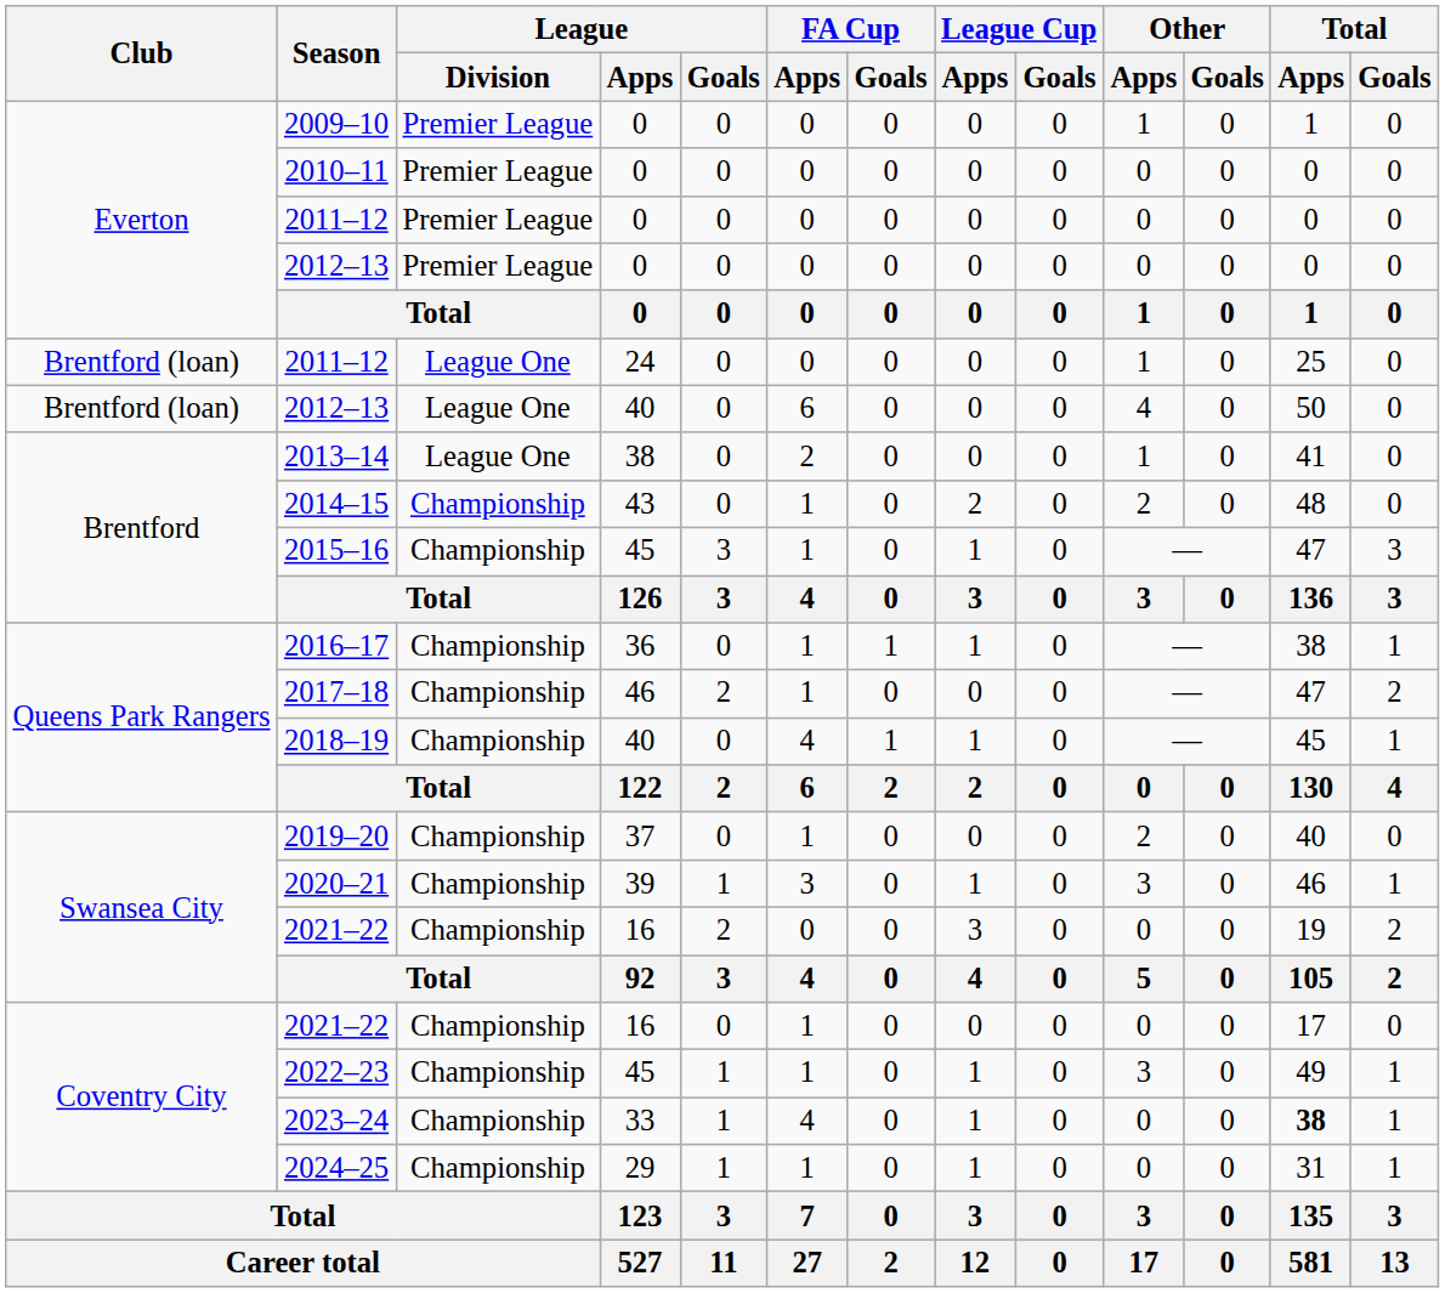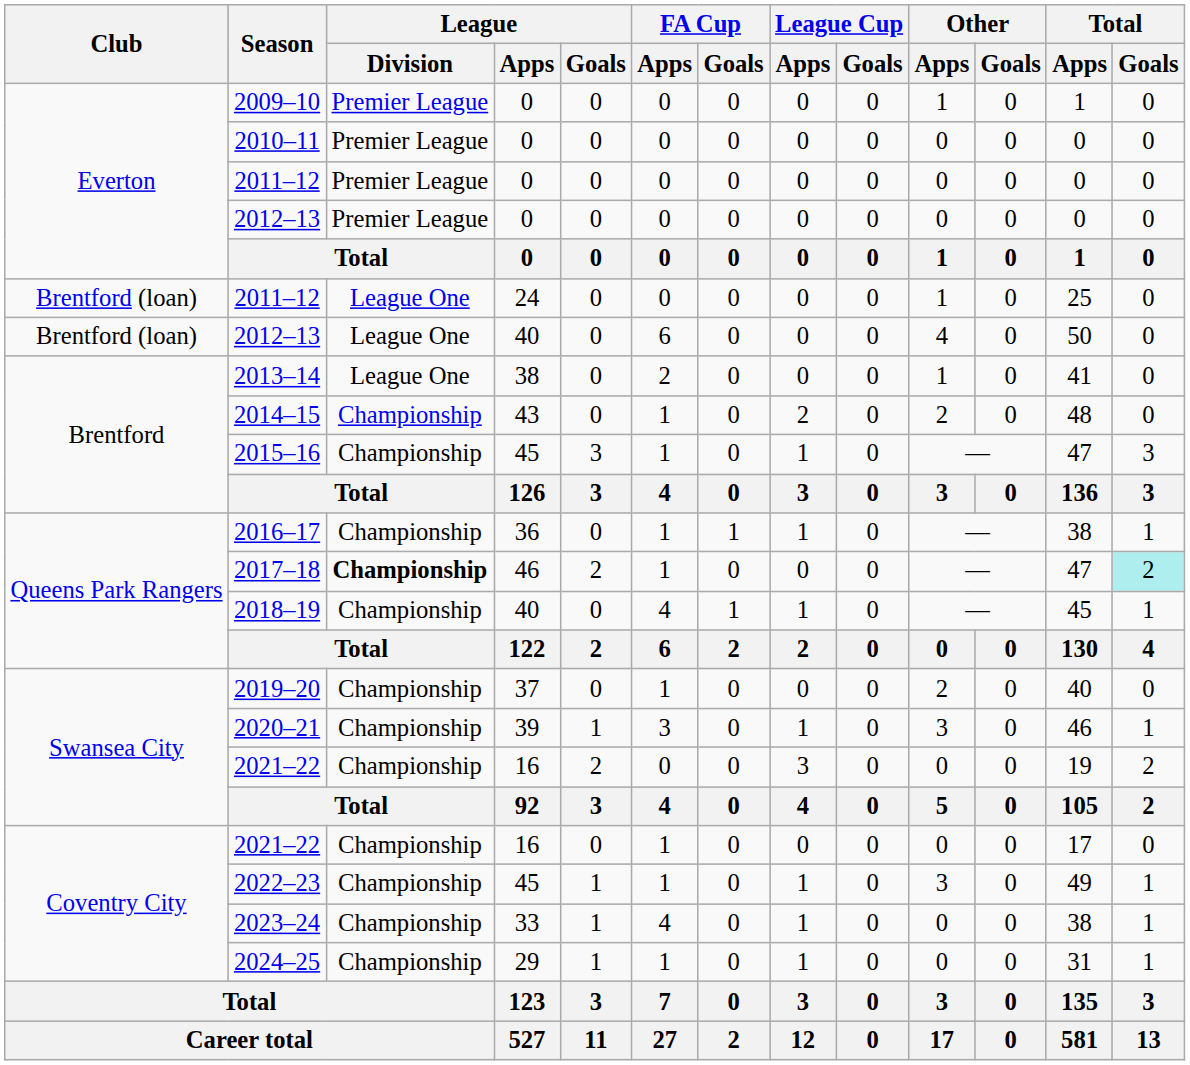 <table class="wikitable" style="text-align:center">
 <tr>
 <th rowspan="2">Club</th>
 <th rowspan="2">Season</th>
 <th colspan="3">League</th>
 <th colspan="2"><a href='#'>FA Cup</a></th>
 <th colspan="2"><a href='#'>League Cup</a></th>
 <th colspan="2">Other</th>
 <th colspan="2">Total</th>
 </tr>
 <tr>
 <th>Division</th>
 <th>Apps</th>
 <th>Goals</th>
 <th>Apps</th>
 <th>Goals</th>
 <th>Apps</th>
 <th>Goals</th>
 <th>Apps</th>
 <th>Goals</th>
 <th>Apps</th>
 <th>Goals</th>
 </tr>
 <tr>
 <td rowspan="5"><a href='#'>Everton</a></td>
 <td><a href='#'>2009–10</a></td>
 <td><a href='#'>Premier League</a></td>
 <td>0</td>
 <td>0</td>
 <td>0</td>
 <td>0</td>
 <td>0</td>
 <td>0</td>
 <td>1</td>
 <td>0</td>
 <td>1</td>
 <td>0</td>
 </tr>
 <tr>
 <td><a href='#'>2010–11</a></td>
 <td>Premier League</td>
 <td>0</td>
 <td>0</td>
 <td>0</td>
 <td>0</td>
 <td>0</td>
 <td>0</td>
 <td>0</td>
 <td>0</td>
 <td>0</td>
 <td>0</td>
 </tr>
 <tr>
 <td><a href='#'>2011–12</a></td>
 <td>Premier League</td>
 <td>0</td>
 <td>0</td>
 <td>0</td>
 <td>0</td>
 <td>0</td>
 <td>0</td>
 <td>0</td>
 <td>0</td>
 <td>0</td>
 <td>0</td>
 </tr>
 <tr>
 <td><a href='#'>2012–13</a></td>
 <td>Premier League</td>
 <td>0</td>
 <td>0</td>
 <td>0</td>
 <td>0</td>
 <td>0</td>
 <td>0</td>
 <td>0</td>
 <td>0</td>
 <td>0</td>
 <td>0</td>
 </tr>
 <tr>
 <th colspan=2>Total</th>
 <th>0</th>
 <th>0</th>
 <th>0</th>
 <th>0</th>
 <th>0</th>
 <th>0</th>
 <th>1</th>
 <th>0</th>
 <th>1</th>
 <th>0</th>
 </tr>
 <tr>
 <td><a href='#'>Brentford</a> (loan)</td>
 <td><a href='#'>2011–12</a></td>
 <td><a href='#'>League One</a></td>
 <td>24</td>
 <td>0</td>
 <td>0</td>
 <td>0</td>
 <td>0</td>
 <td>0</td>
 <td>1</td>
 <td>0</td>
 <td>25</td>
 <td>0</td>
 </tr>
 <tr>
 <td>Brentford (loan)</td>
 <td><a href='#'>2012–13</a></td>
 <td>League One</td>
 <td>40</td>
 <td>0</td>
 <td>6</td>
 <td>0</td>
 <td>0</td>
 <td>0</td>
 <td>4</td>
 <td>0</td>
 <td>50</td>
 <td>0</td>
 </tr>
 <tr>
 <td rowspan="4">Brentford</td>
 <td><a href='#'>2013–14</a></td>
 <td>League One</td>
 <td>38</td>
 <td>0</td>
 <td>2</td>
 <td>0</td>
 <td>0</td>
 <td>0</td>
 <td>1</td>
 <td>0</td>
 <td>41</td>
 <td>0</td>
 </tr>
 <tr>
 <td><a href='#'>2014–15</a></td>
 <td><a href='#'>Championship</a></td>
 <td>43</td>
 <td>0</td>
 <td>1</td>
 <td>0</td>
 <td>2</td>
 <td>0</td>
 <td>2</td>
 <td>0</td>
 <td>48</td>
 <td>0</td>
 </tr>
 <tr>
 <td><a href='#'>2015–16</a></td>
 <td>Championship</td>
 <td>45</td>
 <td>3</td>
 <td>1</td>
 <td>0</td>
 <td>1</td>
 <td>0</td>
 <td colspan="2">—</td>
 <td>47</td>
 <td>3</td>
 </tr>
 <tr>
 <th colspan=2>Total</th>
 <th>126</th>
 <th>3</th>
 <th>4</th>
 <th>0</th>
 <th>3</th>
 <th>0</th>
 <th>3</th>
 <th>0</th>
 <th>136</th>
 <th>3</th>
 </tr>
 <tr>
 <td rowspan="4"><a href='#'>Queens Park Rangers</a></td>
 <td><a href='#'>2016–17</a></td>
 <td>Championship</td>
 <td>36</td>
 <td>0</td>
 <td>1</td>
 <td>1</td>
 <td>1</td>
 <td>0</td>
 <td colspan="2">—</td>
 <td>38</td>
 <td>1</td>
 </tr>
 <tr>
 <td><a href='#'>2017–18</a></td>
-<td>Championship</td>
+<td><strong>Championship</strong></td>
 <td>46</td>
 <td>2</td>
 <td>1</td>
 <td>0</td>
 <td>0</td>
 <td>0</td>
 <td colspan="2">—</td>
 <td>47</td>
-<td>2</td>
+<td style="background: paleturquoise;">2</td>
 </tr>
 <tr>
 <td><a href='#'>2018–19</a></td>
 <td>Championship</td>
 <td>40</td>
 <td>0</td>
 <td>4</td>
 <td>1</td>
 <td>1</td>
 <td>0</td>
 <td colspan="2">—</td>
 <td>45</td>
 <td>1</td>
 </tr>
 <tr>
 <th colspan="2">Total</th>
 <th>122</th>
 <th>2</th>
 <th>6</th>
 <th>2</th>
 <th>2</th>
 <th>0</th>
 <th>0</th>
 <th>0</th>
 <th>130</th>
 <th>4</th>
 </tr>
 <tr>
 <td rowspan="4"><a href='#'>Swansea City</a></td>
 <td><a href='#'>2019–20</a></td>
 <td>Championship</td>
 <td>37</td>
 <td>0</td>
 <td>1</td>
 <td>0</td>
 <td>0</td>
 <td>0</td>
 <td>2</td>
 <td>0</td>
 <td>40</td>
 <td>0</td>
 </tr>
 <tr>
 <td><a href='#'>2020–21</a></td>
 <td>Championship</td>
 <td>39</td>
 <td>1</td>
 <td>3</td>
 <td>0</td>
 <td>1</td>
 <td>0</td>
 <td>3</td>
 <td>0</td>
 <td>46</td>
 <td>1</td>
 </tr>
 <tr>
 <td><a href='#'>2021–22</a></td>
 <td>Championship</td>
 <td>16</td>
 <td>2</td>
 <td>0</td>
 <td>0</td>
 <td>3</td>
 <td>0</td>
 <td>0</td>
 <td>0</td>
 <td>19</td>
 <td>2</td>
 </tr>
 <tr>
 <th colspan="2">Total</th>
 <th>92</th>
 <th>3</th>
 <th>4</th>
 <th>0</th>
 <th>4</th>
 <th>0</th>
 <th>5</th>
 <th>0</th>
 <th>105</th>
 <th>2</th>
 </tr>
 <tr>
 <td rowspan="4"><a href='#'>Coventry City</a></td>
 <td><a href='#'>2021–22</a></td>
 <td>Championship</td>
 <td>16</td>
 <td>0</td>
 <td>1</td>
 <td>0</td>
 <td>0</td>
 <td>0</td>
 <td>0</td>
 <td>0</td>
 <td>17</td>
 <td>0</td>
 </tr>
 <tr>
 <td><a href='#'>2022–23</a></td>
 <td>Championship</td>
 <td>45</td>
 <td>1</td>
 <td>1</td>
 <td>0</td>
 <td>1</td>
 <td>0</td>
 <td>3</td>
 <td>0</td>
 <td>49</td>
 <td>1</td>
 </tr>
 <tr>
 <td><a href='#'>2023–24</a></td>
 <td>Championship</td>
 <td>33</td>
 <td>1</td>
 <td>4</td>
 <td>0</td>
 <td>1</td>
 <td>0</td>
 <td>0</td>
 <td>0</td>
-<td><strong>38</strong></td>
+<td>38</td>
 <td>1</td>
 </tr>
 <tr>
 <td><a href='#'>2024–25</a></td>
 <td>Championship</td>
 <td>29</td>
 <td>1</td>
 <td>1</td>
 <td>0</td>
 <td>1</td>
 <td>0</td>
 <td>0</td>
 <td>0</td>
 <td>31</td>
 <td>1</td>
 </tr>
 <tr>
 <th colspan=3>Total</th>
 <th>123</th>
 <th>3</th>
 <th>7</th>
 <th>0</th>
 <th>3</th>
 <th>0</th>
 <th>3</th>
 <th>0</th>
 <th>135</th>
 <th>3</th>
 </tr>
 <tr>
 <th colspan=3>Career total</th>
 <th>527</th>
 <th>11</th>
 <th>27</th>
 <th>2</th>
 <th>12</th>
 <th>0</th>
 <th>17</th>
 <th>0</th>
 <th>581</th>
 <th>13</th>
 </tr>
 </table>
